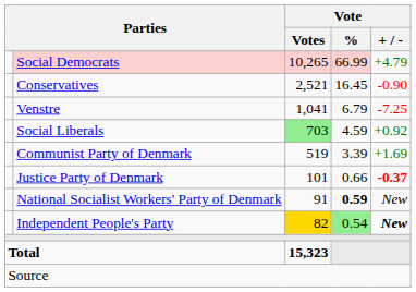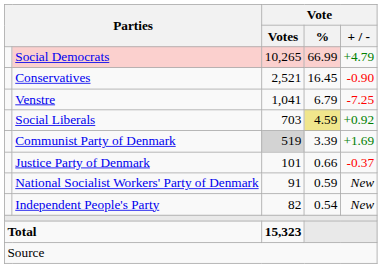 <table class="wikitable" style="text-align:right;">
 <tr>
 <th style="text-align:centre;" rowspan="2" colspan="2" width="225">Parties</th>
 <th colspan="3">Vote</th>
 </tr>
 <tr>
 <th width="15">Votes</th>
 <th width="15">%</th>
 <th width="15">+ / -</th>
 </tr>
 <tr>
 <td width="2" style="color:inherit;background:"></td>
 <td bgcolor=#fbd0ce  align="left"><a href='#'>Social Democrats</a></td>
 <td bgcolor=#fbd0ce>10,265</td>
 <td bgcolor=#fbd0ce>66.99</td>
 <td style=color:green;>+4.79</td>
 </tr>
 <tr>
 <td width="2" style="color:inherit;background:"></td>
 <td align="left"><a href='#'>Conservatives</a></td>
 <td>2,521</td>
 <td>16.45</td>
 <td style=color:red;>-0.90</td>
 </tr>
 <tr>
 <td width="2" style="color:inherit;background:"></td>
 <td align="left"><a href='#'>Venstre</a></td>
 <td>1,041</td>
 <td>6.79</td>
 <td style=color:red;>-7.25</td>
 </tr>
 <tr>
 <td width="2" style="color:inherit;background:"></td>
 <td align="left"><a href='#'>Social Liberals</a></td>
-<td style="background: lightgreen;">703</td>
-<td>4.59</td>
+<td>703</td>
+<td style="background: khaki;">4.59</td>
 <td style=color:green;>+0.92</td>
 </tr>
 <tr>
 <td width="2" style="color:inherit;background:"></td>
 <td align="left"><a href='#'>Communist Party of Denmark</a></td>
-<td>519</td>
+<td style="background: lightgrey;">519</td>
 <td>3.39</td>
 <td style=color:green;>+1.69</td>
 </tr>
 <tr>
 <td width="2" style="color:inherit;background:"></td>
 <td align="left"><a href='#'>Justice Party of Denmark</a></td>
 <td>101</td>
 <td>0.66</td>
-<td style=color:red;><strong>-0.37</strong></td>
+<td style=color:red;>-0.37</td>
 </tr>
 <tr>
 <td width="2" style="color:inherit;background:"></td>
 <td align="left"><a href='#'>National Socialist Workers' Party of Denmark</a></td>
 <td>91</td>
-<td><strong>0.59</strong></td>
+<td>0.59</td>
 <td><em>New</em></td>
 </tr>
 <tr>
 <td width="2" style="color:inherit;background:"></td>
 <td align="left"><a href='#'>Independent People's Party</a></td>
-<td style="background: gold;">82</td>
-<td style="background: lightgreen;">0.54</td>
-<td><strong><em>New</em></strong></td>
+<td>82</td>
+<td>0.54</td>
+<td><em>New</em></td>
 </tr>
 <tr>
 <td colspan="7" bgcolor="#E9E9E9"></td>
 </tr>
 <tr>
 <td align="left" colspan="2"><strong>Total</strong></td>
 <td><strong>15,323</strong></td>
 <td bgcolor="#E9E9E9" colspan="2"></td>
 </tr>
 <tr>
 <td align="left" colspan="6">Source</td>
 </tr>
 </table>
